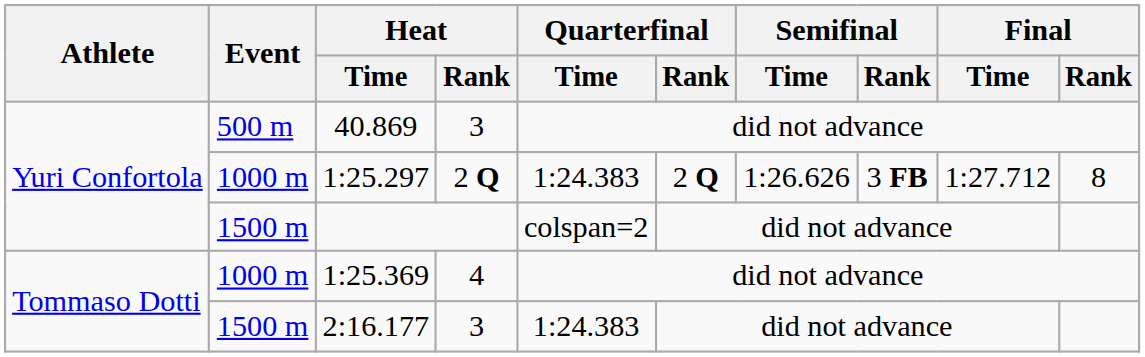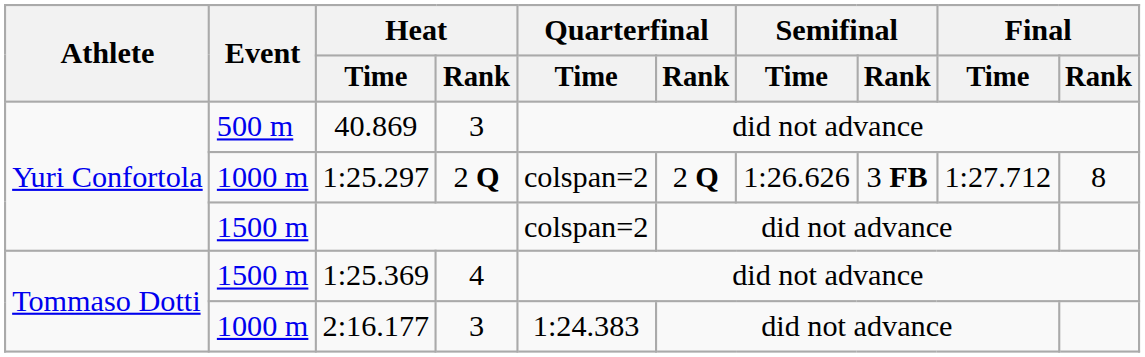 <table class="wikitable" style="font-size:90%">
 <tr>
 <th rowspan=2>Athlete</th>
 <th rowspan=2>Event</th>
 <th colspan=2>Heat</th>
 <th colspan=2>Quarterfinal</th>
 <th colspan=2>Semifinal</th>
 <th colspan=2>Final</th>
 </tr>
 <tr style="font-size:95%">
 <th>Time</th>
 <th>Rank</th>
 <th>Time</th>
 <th>Rank</th>
 <th>Time</th>
 <th>Rank</th>
 <th>Time</th>
 <th>Rank</th>
 </tr>
 <tr align=center>
 <td align=left rowspan=3><a href='#'>Yuri Confortola</a></td>
 <td align=left><a href='#'>500 m</a></td>
 <td>40.869</td>
 <td>3</td>
 <td colspan=6>did not advance</td>
 </tr>
 <tr align=center>
 <td align=left><a href='#'>1000 m</a></td>
 <td>1:25.297</td>
 <td>2 <strong>Q</strong></td>
-<td>1:24.383</td>
+<td>colspan=2 </td>
 <td>2 <strong>Q</strong></td>
 <td>1:26.626</td>
 <td>3 <strong>FB</strong></td>
 <td>1:27.712</td>
 <td>8</td>
 </tr>
 <tr align=center>
 <td align=left><a href='#'>1500 m</a></td>
 <td colspan=2></td>
 <td>colspan=2 </td>
 <td colspan=4>did not advance</td>
 </tr>
 <tr align=center>
 <td align=left rowspan=2><a href='#'>Tommaso Dotti</a></td>
-<td align=left><a href='#'>1000 m</a></td>
+<td align=left><a href='#'>1500 m</a></td>
 <td>1:25.369</td>
 <td>4</td>
 <td colspan=6>did not advance</td>
 </tr>
 <tr align=center>
-<td align=left><a href='#'>1500 m</a></td>
+<td align=left><a href='#'>1000 m</a></td>
 <td>2:16.177</td>
 <td>3</td>
 <td>1:24.383</td>
 <td colspan=4>did not advance</td>
 </tr>
 </table>
